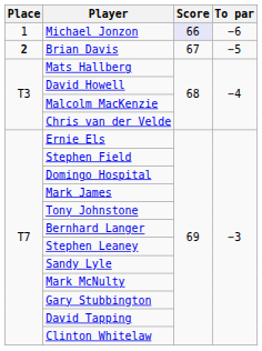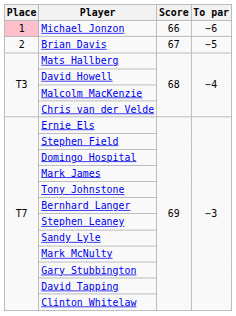 <table class="wikitable">
 <tr>
 <th>Place</th>
 <th>Player</th>
 <th>Score</th>
 <th>To par</th>
 </tr>
 <tr>
-<td align=center>1</td>
+<td align=center style="background: pink;">1</td>
 <td> <a href='#'>Michael Jonzon</a></td>
-<td align=center style="background: lavender;">66</td>
+<td align=center>66</td>
 <td align=center>−6</td>
 </tr>
 <tr>
-<td align=center><strong>2</strong></td>
+<td align=center>2</td>
 <td> <a href='#'>Brian Davis</a></td>
 <td align=center>67</td>
 <td align=center>−5</td>
 </tr>
 <tr>
 <td rowspan="4" align=center>T3</td>
 <td> <a href='#'>Mats Hallberg</a></td>
 <td rowspan="4" align=center>68</td>
 <td rowspan="4" align=center>−4</td>
 </tr>
 <tr>
 <td> <a href='#'>David Howell</a></td>
 </tr>
 <tr>
 <td> <a href='#'>Malcolm MacKenzie</a></td>
 </tr>
 <tr>
 <td> <a href='#'>Chris van der Velde</a></td>
 </tr>
 <tr>
 <td rowspan="12" align=center>T7</td>
 <td> <a href='#'>Ernie Els</a></td>
 <td rowspan="12" align=center>69</td>
 <td rowspan="12" align=center>−3</td>
 </tr>
 <tr>
 <td> <a href='#'>Stephen Field</a></td>
 </tr>
 <tr>
 <td> <a href='#'>Domingo Hospital</a></td>
 </tr>
 <tr>
 <td> <a href='#'>Mark James</a></td>
 </tr>
 <tr>
 <td> <a href='#'>Tony Johnstone</a></td>
 </tr>
 <tr>
 <td> <a href='#'>Bernhard Langer</a></td>
 </tr>
 <tr>
 <td> <a href='#'>Stephen Leaney</a></td>
 </tr>
 <tr>
 <td> <a href='#'>Sandy Lyle</a></td>
 </tr>
 <tr>
 <td> <a href='#'>Mark McNulty</a></td>
 </tr>
 <tr>
 <td> <a href='#'>Gary Stubbington</a></td>
 </tr>
 <tr>
 <td> <a href='#'>David Tapping</a></td>
 </tr>
 <tr>
 <td> <a href='#'>Clinton Whitelaw</a></td>
 </tr>
 </table>
